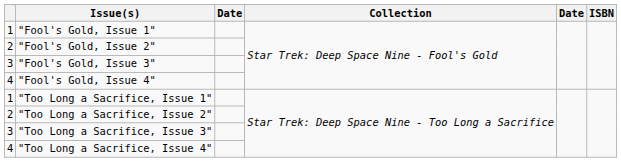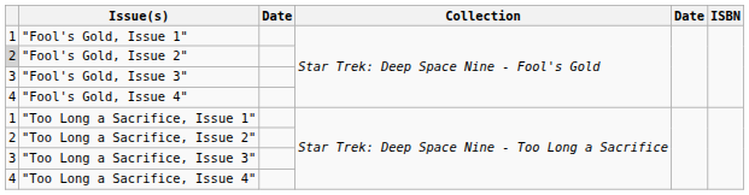 <table class="wikitable">
 <tr>
 <th></th>
 <th>Issue(s)</th>
 <th>Date</th>
 <th>Collection</th>
 <th>Date</th>
 <th>ISBN</th>
 </tr>
 <tr>
 <td>1</td>
 <td>"Fool's Gold, Issue 1"</td>
 <td></td>
 <td rowspan="4"><em>Star Trek: Deep Space Nine - Fool's Gold</em></td>
 <td rowspan="4"></td>
 <td rowspan="4"></td>
 </tr>
 <tr>
-<td>2</td>
+<td style="background: lightgrey;">2</td>
 <td>"Fool's Gold, Issue 2"</td>
 <td></td>
 </tr>
 <tr>
 <td>3</td>
 <td>"Fool's Gold, Issue 3"</td>
 <td></td>
 </tr>
 <tr>
 <td>4</td>
 <td>"Fool's Gold, Issue 4"</td>
 <td></td>
 </tr>
 <tr>
 <td>1</td>
 <td>"Too Long a Sacrifice, Issue 1"</td>
 <td></td>
 <td rowspan="5"><em>Star Trek: Deep Space Nine - Too Long a Sacrifice</em></td>
 <td rowspan="5"></td>
 <td rowspan="5"></td>
 </tr>
 <tr>
 <td>2</td>
 <td>"Too Long a Sacrifice, Issue 2"</td>
 <td></td>
 </tr>
 <tr>
 <td>3</td>
 <td>"Too Long a Sacrifice, Issue 3"</td>
 <td></td>
 </tr>
 <tr>
 <td>4</td>
 <td>"Too Long a Sacrifice, Issue 4"</td>
 <td></td>
 </tr>
 </table>
